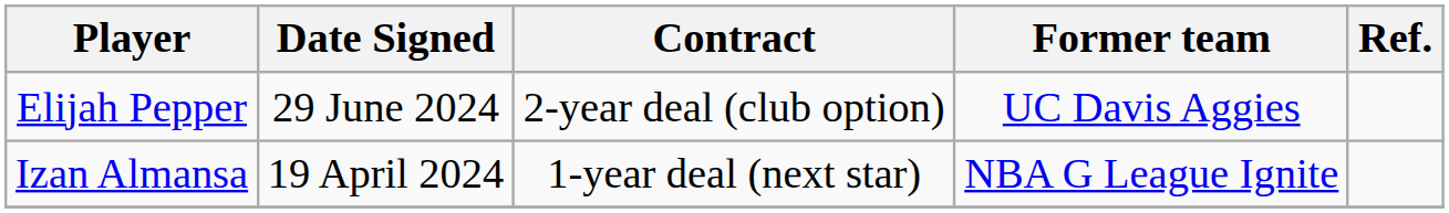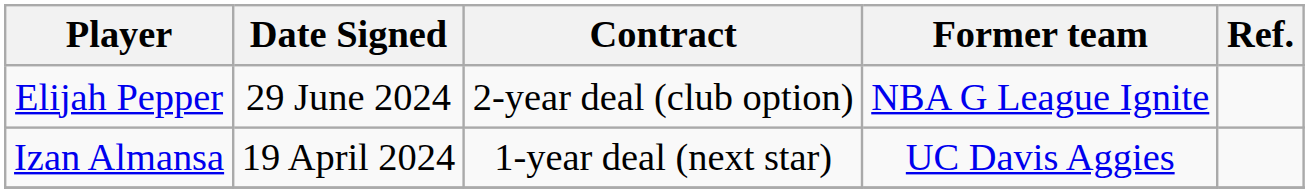 <table class="wikitable sortable sortable" style="text-align: center">
 <tr>
 <th>Player</th>
 <th>Date Signed</th>
 <th>Contract</th>
 <th>Former team</th>
 <th>Ref.</th>
 </tr>
 <tr>
 <td><a href='#'>Elijah Pepper</a></td>
 <td>29 June 2024</td>
 <td>2-year deal (club option)</td>
-<td><a href='#'>UC Davis Aggies</a></td>
+<td><a href='#'>NBA G League Ignite</a></td>
 <td></td>
 </tr>
 <tr>
 <td><a href='#'>Izan Almansa</a></td>
 <td>19 April 2024</td>
 <td>1-year deal (next star)</td>
-<td><a href='#'>NBA G League Ignite</a></td>
+<td><a href='#'>UC Davis Aggies</a></td>
 <td></td>
 </tr>
 <tr>
 </tr>
 </table>
